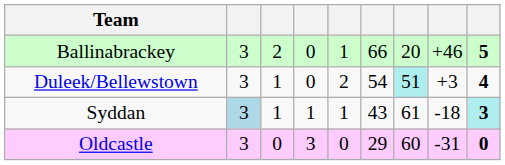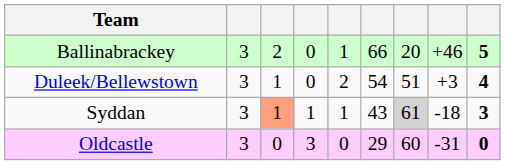 <table class="wikitable" style="text-align:center">
 <tr>
 <th style="width:175px;">Team</th>
 <th width="20"></th>
 <th width="20"></th>
 <th width="20"></th>
 <th width="20"></th>
 <th width="20"></th>
 <th width="20"></th>
 <th width="20"></th>
 <th width="20"></th>
 </tr>
 <tr style="background:#cfc;">
 <td>Ballinabrackey</td>
 <td>3</td>
 <td>2</td>
 <td>0</td>
 <td>1</td>
 <td>66</td>
 <td>20</td>
 <td>+46</td>
 <td><strong>5</strong></td>
 </tr>
 <tr>
 <td><a href='#'>Duleek/Bellewstown</a></td>
 <td>3</td>
 <td>1</td>
 <td>0</td>
 <td>2</td>
 <td>54</td>
-<td style="background: paleturquoise;">51</td>
+<td>51</td>
 <td>+3</td>
 <td><strong>4</strong></td>
 </tr>
 <tr>
 <td>Syddan</td>
-<td style="background: lightblue;">3</td>
-<td>1</td>
+<td>3</td>
+<td style="background: lightsalmon;">1</td>
 <td>1</td>
 <td>1</td>
 <td>43</td>
-<td>61</td>
+<td style="background: lightgrey;">61</td>
 <td>-18</td>
-<td style="background: paleturquoise;"><strong>3</strong></td>
+<td><strong>3</strong></td>
 </tr>
 <tr style="background:#fcf;">
 <td><a href='#'>Oldcastle</a></td>
 <td>3</td>
 <td>0</td>
 <td>3</td>
 <td>0</td>
 <td>29</td>
 <td>60</td>
 <td>-31</td>
 <td><strong>0</strong></td>
 </tr>
 </table>
